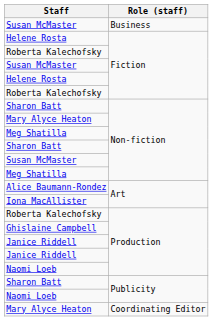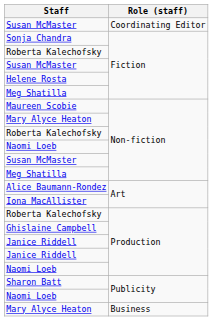 <table class="wikitable">
 <tr>
 <th>Staff</th>
 <th>Role (staff)</th>
 </tr>
 <tr>
 <td><a href='#'>Susan McMaster</a></td>
-<td>Business</td>
+<td>Coordinating Editor</td>
 </tr>
 <tr>
-<td><a href='#'>Helene Rosta</a></td>
+<td><a href='#'>Sonja Chandra</a></td>
 <td rowspan="5">Fiction</td>
 </tr>
 <tr>
 <td>Roberta Kalechofsky</td>
 </tr>
 <tr>
 <td><a href='#'>Susan McMaster</a></td>
 </tr>
 <tr>
 <td><a href='#'>Helene Rosta</a></td>
 </tr>
 <tr>
-<td>Roberta Kalechofsky</td>
+<td><a href='#'>Meg Shatilla</a></td>
 </tr>
 <tr>
-<td><a href='#'>Sharon Batt</a></td>
+<td><a href='#'>Maureen Scobie</a></td>
 <td rowspan="6">Non-fiction</td>
 </tr>
 <tr>
 <td><a href='#'>Mary Alyce Heaton</a></td>
 </tr>
 <tr>
-<td><a href='#'>Meg Shatilla</a></td>
+<td>Roberta Kalechofsky</td>
 </tr>
 <tr>
-<td><a href='#'>Sharon Batt</a></td>
+<td><a href='#'>Naomi Loeb</a></td>
 </tr>
 <tr>
 <td><a href='#'>Susan McMaster</a></td>
 </tr>
 <tr>
 <td><a href='#'>Meg Shatilla</a></td>
 </tr>
 <tr>
 <td><a href='#'>Alice Baumann-Rondez</a></td>
 <td rowspan="2">Art</td>
 </tr>
 <tr>
 <td><a href='#'>Iona MacAllister</a></td>
 </tr>
 <tr>
 <td>Roberta Kalechofsky</td>
 <td rowspan="5">Production</td>
 </tr>
 <tr>
 <td><a href='#'>Ghislaine Campbell</a></td>
 </tr>
 <tr>
 <td><a href='#'>Janice Riddell</a></td>
 </tr>
 <tr>
 <td><a href='#'>Janice Riddell</a></td>
 </tr>
 <tr>
 <td><a href='#'>Naomi Loeb</a></td>
 </tr>
 <tr>
 <td><a href='#'>Sharon Batt</a></td>
 <td rowspan="2">Publicity</td>
 </tr>
 <tr>
 <td><a href='#'>Naomi Loeb</a></td>
 </tr>
 <tr>
 <td><a href='#'>Mary Alyce Heaton</a></td>
-<td>Coordinating Editor</td>
+<td>Business</td>
 </tr>
 </table>
